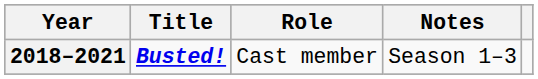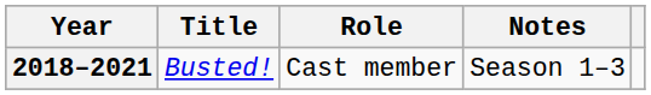 <table class="wikitable plainrowheaders">
 <tr>
 <th scope="col">Year</th>
 <th scope="col">Title</th>
 <th scope="col">Role</th>
 <th scope="col">Notes</th>
 <th scope="col" class="unsortable"></th>
 </tr>
 <tr>
 <th scope="row">2018–2021</th>
-<td><strong><em><a href='#'>Busted!</a></em></strong></td>
+<td><em><a href='#'>Busted!</a></em></td>
 <td rowspan="2">Cast member</td>
 <td>Season 1–3</td>
 <td style="text-align:center"></td>
 </tr>
 </table>
